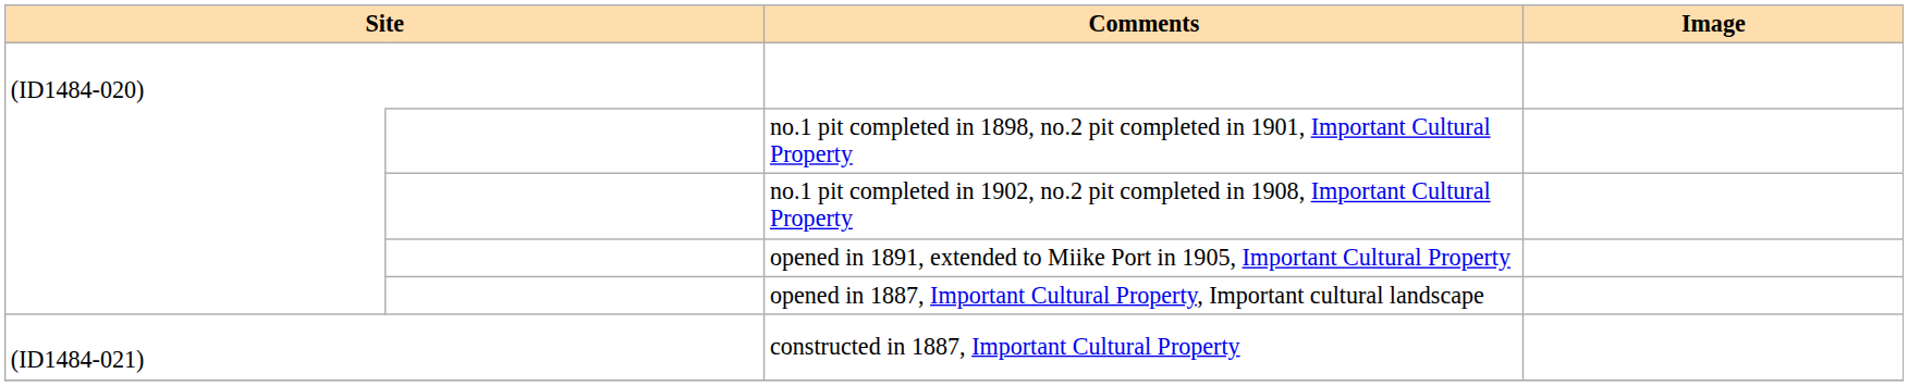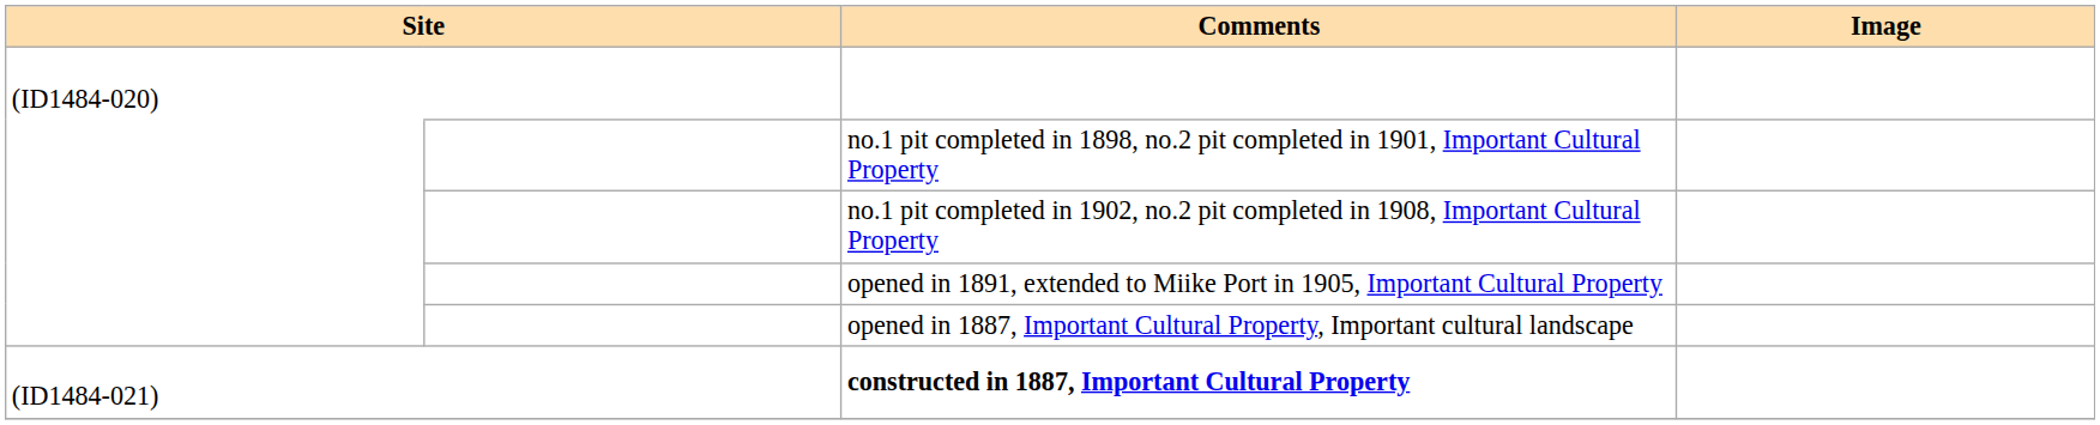 <table class="wikitable sortable"  width="100%" style="background:#ffffff;">
 <tr>
 <th colspan="2" width="40%" align="left" style="background:#ffdead;">Site</th>
 <th width="40%" align="left" style="background:#ffdead;" class="unsortable">Comments</th>
 <th width="20" align="left" style="background:#ffdead;" class="unsortable">Image</th>
 </tr>
 <tr>
 <td colspan="2" width="40%"><br> (ID1484-020)</td>
 <td></td>
 </tr>
 <tr>
 <td rowspan="4" style="border-top:hidden"></td>
 <td width="20%"></td>
 <td>no.1 pit completed in 1898, no.2 pit completed in 1901, <a href='#'>Important Cultural Property</a></td>
 <td></td>
 </tr>
 <tr>
 <td width="20%"></td>
 <td>no.1 pit completed in 1902, no.2 pit completed in 1908, <a href='#'>Important Cultural Property</a></td>
 <td></td>
 </tr>
 <tr>
 <td width="20%"></td>
 <td>opened in 1891, extended to Miike Port in 1905, <a href='#'>Important Cultural Property</a></td>
 <td></td>
 </tr>
 <tr>
 <td width="20%"></td>
 <td>opened in 1887, <a href='#'>Important Cultural Property</a>, Important cultural landscape</td>
 <td></td>
 </tr>
 <tr>
 <td colspan="2" width="40%"><br>(ID1484-021)</td>
-<td>constructed in 1887, <a href='#'>Important Cultural Property</a></td>
+<td><strong>constructed in 1887, <a href='#'>Important Cultural Property</a></strong></td>
 <td></td>
 </tr>
 <tr>
 </tr>
 </table>
